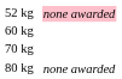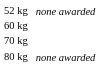 <table>
 <tr>
 <td rowspan=2>52 kg</td>
 <td rowspan=2></td>
 <td rowspan=2></td>
 <td></td>
 </tr>
 <tr>
-<td style="background: pink;"><em>none awarded</em></td>
+<td><em>none awarded</em></td>
 </tr>
 <tr>
 <td rowspan=2>60 kg</td>
 <td rowspan=2></td>
 <td rowspan=2></td>
 <td></td>
 </tr>
 <tr>
 <td></td>
 </tr>
 <tr>
 <td rowspan=2>70 kg</td>
 <td rowspan=2></td>
 <td rowspan=2></td>
 <td></td>
 </tr>
 <tr>
 <td></td>
 </tr>
 <tr>
 <td rowspan=2>80 kg</td>
 <td rowspan=2></td>
 <td></td>
 </tr>
 <tr>
 <td></td>
 <td><em>none awarded</em></td>
 </tr>
 </table>
